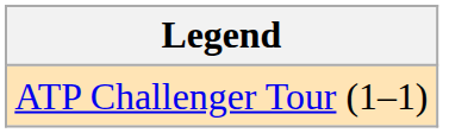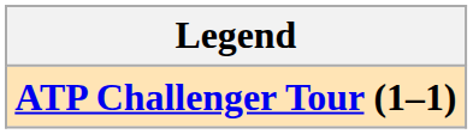 <table class="wikitable">
 <tr>
 <th>Legend</th>
 </tr>
 <tr style="background:moccasin">
-<td><a href='#'>ATP Challenger Tour</a> (1–1)</td>
+<td><strong><a href='#'>ATP Challenger Tour</a> (1–1)</strong></td>
 </tr>
 </table>
